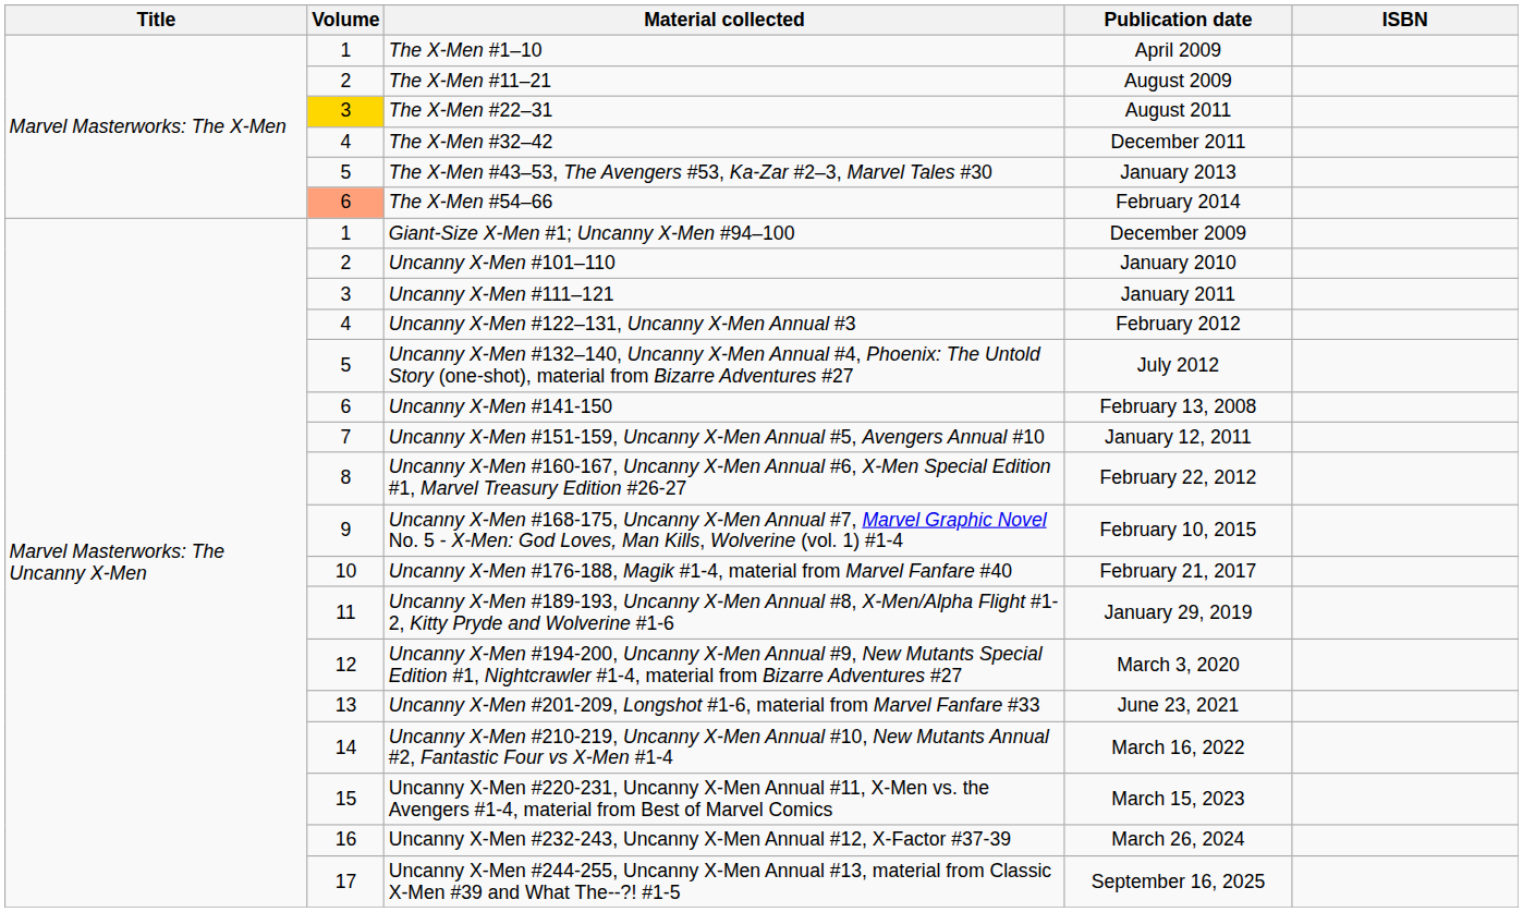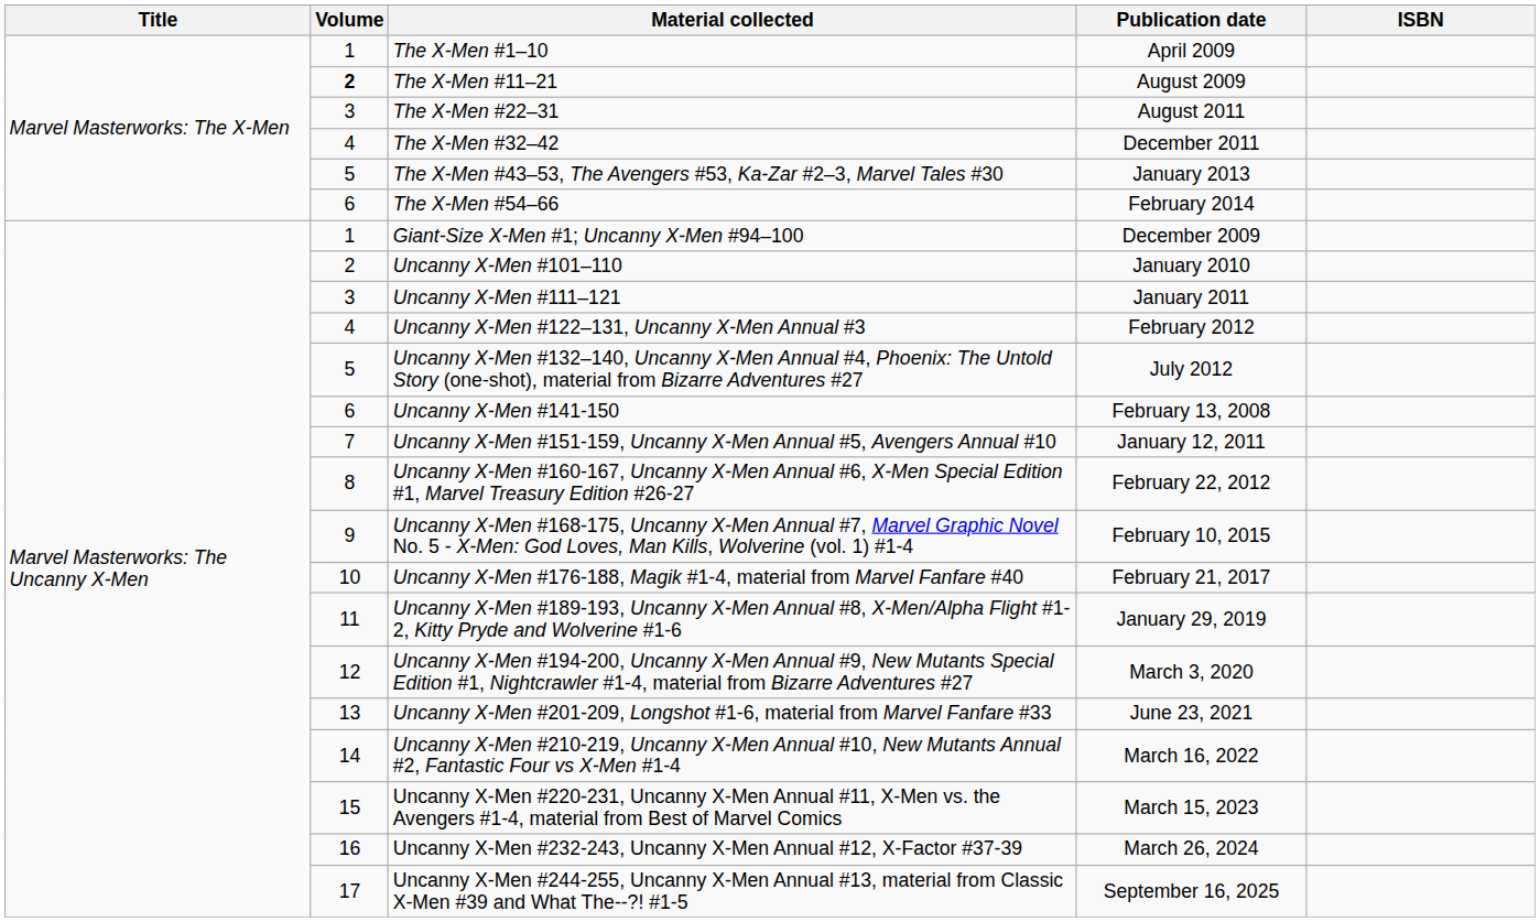 <table class="wikitable" width="100%">
 <tr>
 <th width=20%>Title</th>
 <th width=5%>Volume</th>
 <th width="45%">Material collected</th>
 <th width=15%>Publication date</th>
 <th width=15%>ISBN</th>
 </tr>
 <tr>
 <td rowspan="6"><em>Marvel Masterworks: The X-Men</em></td>
 <td align="center">1</td>
 <td><em>The X-Men</em> #1–10</td>
 <td align="center">April 2009</td>
 <td align="center"></td>
 </tr>
 <tr>
-<td align="center">2</td>
+<td align="center"><strong>2</strong></td>
 <td><em>The X-Men</em> #11–21</td>
 <td align="center">August 2009</td>
 <td align="center"></td>
 </tr>
 <tr>
-<td align="center" style="background: gold;">3</td>
+<td align="center">3</td>
 <td><em>The X-Men</em> #22–31</td>
 <td align="center">August 2011</td>
 <td align="center"></td>
 </tr>
 <tr>
 <td align="center">4</td>
 <td><em>The X-Men</em> #32–42</td>
 <td align="center">December 2011</td>
 <td align="center"></td>
 </tr>
 <tr>
 <td align="center">5</td>
 <td><em>The X-Men</em> #43–53, <em>The Avengers</em> #53, <em>Ka-Zar</em> #2–3, <em>Marvel Tales</em> #30</td>
 <td align="center">January 2013</td>
 <td align="center"></td>
 </tr>
 <tr>
-<td align="center" style="background: lightsalmon;">6</td>
+<td align="center">6</td>
 <td><em>The X-Men</em> #54–66</td>
 <td align="center">February 2014</td>
 <td align="center"></td>
 </tr>
 <tr>
 <td rowspan="18"><em>Marvel Masterworks: The Uncanny X-Men</em></td>
 <td align="center">1</td>
 <td><em>Giant-Size X-Men</em> #1; <em>Uncanny X-Men</em> #94–100</td>
 <td align="center">December 2009</td>
 <td align="center"></td>
 </tr>
 <tr>
 <td align="center">2</td>
 <td><em>Uncanny X-Men</em> #101–110</td>
 <td align="center">January 2010</td>
 <td align="center"></td>
 </tr>
 <tr>
 <td align="center">3</td>
 <td><em>Uncanny X-Men</em> #111–121</td>
 <td align="center">January 2011</td>
 <td align="center"></td>
 </tr>
 <tr>
 <td align="center">4</td>
 <td><em>Uncanny X-Men</em> #122–131, <em>Uncanny X-Men Annual</em> #3</td>
 <td align="center">February 2012</td>
 <td align="center"></td>
 </tr>
 <tr>
 <td align="center">5</td>
 <td><em>Uncanny X-Men</em> #132–140, <em>Uncanny X-Men Annual</em> #4, <em>Phoenix: The Untold Story</em> (one-shot), material from <em>Bizarre Adventures</em> #27</td>
 <td align="center">July 2012</td>
 <td align="center"></td>
 </tr>
 <tr>
 <td align="center">6</td>
 <td><em>Uncanny X-Men</em> #141-150</td>
 <td align="center">February 13, 2008</td>
 <td align="center"></td>
 </tr>
 <tr>
 <td align="center">7</td>
 <td><em>Uncanny X-Men</em> #151-159, <em>Uncanny X-Men Annual</em> #5, <em>Avengers Annual</em> #10</td>
 <td align="center">January 12, 2011</td>
 <td align="center"></td>
 </tr>
 <tr>
 <td align="center">8</td>
 <td><em>Uncanny X-Men</em> #160-167, <em>Uncanny X-Men Annual</em> #6, <em>X-Men Special Edition</em> #1, <em>Marvel Treasury Edition</em> #26-27</td>
 <td align="center">February 22, 2012</td>
 <td align="center"></td>
 </tr>
 <tr>
 <td align="center">9</td>
 <td><em>Uncanny X-Men</em> #168-175, <em>Uncanny X-Men Annual</em> #7, <em><a href='#'>Marvel Graphic Novel</a></em> No. 5 - <em>X-Men: God Loves, Man Kills</em>, <em>Wolverine</em> (vol. 1) #1-4</td>
 <td align="center">February 10, 2015</td>
 <td align="center"></td>
 </tr>
 <tr>
 <td align="center">10</td>
 <td><em>Uncanny X-Men</em> #176-188, <em>Magik</em> #1-4, material from <em>Marvel Fanfare</em> #40</td>
 <td align="center">February 21, 2017</td>
 <td align="center"></td>
 </tr>
 <tr>
 <td align="center">11</td>
 <td><em>Uncanny X-Men</em> #189-193, <em>Uncanny X-Men Annual</em> #8, <em>X-Men/Alpha Flight</em> #1-2, <em>Kitty Pryde and Wolverine</em> #1-6</td>
 <td align="center">January 29, 2019</td>
 <td align="center"></td>
 </tr>
 <tr>
 <td align="center">12</td>
 <td><em>Uncanny X-Men</em> #194-200, <em>Uncanny X-Men Annual</em> #9, <em>New Mutants Special Edition</em> #1, <em>Nightcrawler</em> #1-4, material from <em>Bizarre Adventures</em> #27</td>
 <td align="center">March 3, 2020</td>
 <td align="center"></td>
 </tr>
 <tr>
 <td align="center">13</td>
 <td><em>Uncanny X-Men</em> #201-209, <em>Longshot</em> #1-6, material from <em>Marvel Fanfare</em> #33</td>
 <td align="center">June 23, 2021</td>
 <td align="center"></td>
 </tr>
 <tr>
 <td align="center">14</td>
 <td><em>Uncanny X-Men</em> #210-219, <em>Uncanny X-Men Annual</em> #10, <em>New Mutants Annual</em> #2, <em>Fantastic Four vs X-Men</em> #1-4</td>
 <td align="center">March 16, 2022</td>
 <td align="center"></td>
 </tr>
 <tr>
 <td align="center">15</td>
 <td>Uncanny X-Men #220-231, Uncanny X-Men Annual #11, X-Men vs. the Avengers #1-4, material from Best of Marvel Comics</td>
 <td align="center">March 15, 2023</td>
 <td align="center"></td>
 </tr>
 <tr>
 <td align="center">16</td>
 <td>Uncanny X-Men #232-243, Uncanny X-Men Annual #12, X-Factor #37-39</td>
 <td align="center">March 26, 2024</td>
 <td align="center"></td>
 </tr>
 <tr>
 <td align="center">17</td>
 <td>Uncanny X-Men #244-255, Uncanny X-Men Annual #13, material from Classic X-Men #39 and What The--?! #1-5</td>
 <td align="center">September 16, 2025</td>
 <td align="center"></td>
 </tr>
 </table>
